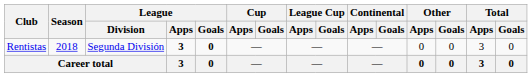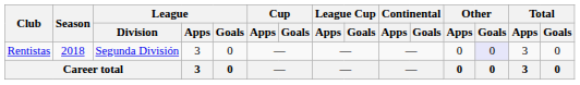 <table class="wikitable" style="text-align:center">
 <tr>
 <th rowspan="2">Club</th>
 <th rowspan="2">Season</th>
 <th colspan="3">League</th>
 <th colspan="2">Cup</th>
 <th colspan="2">League Cup</th>
 <th colspan="2">Continental</th>
 <th colspan="2">Other</th>
 <th colspan="2">Total</th>
 </tr>
 <tr>
 <th>Division</th>
 <th>Apps</th>
 <th>Goals</th>
 <th>Apps</th>
 <th>Goals</th>
 <th>Apps</th>
 <th>Goals</th>
 <th>Apps</th>
 <th>Goals</th>
 <th>Apps</th>
 <th>Goals</th>
 <th>Apps</th>
 <th>Goals</th>
 </tr>
 <tr>
 <td rowspan="1"><a href='#'>Rentistas</a></td>
 <td><a href='#'>2018</a></td>
 <td rowspan="1"><a href='#'>Segunda División</a></td>
-<td><strong>3</strong></td>
-<td><strong>0</strong></td>
+<td>3</td>
+<td>0</td>
 <td colspan="2">—</td>
 <td colspan="2">—</td>
 <td colspan="2">—</td>
 <td>0</td>
-<td>0</td>
+<td style="background: lavender;">0</td>
 <td>3</td>
 <td>0</td>
 </tr>
 <tr>
 <th colspan="3">Career total</th>
 <th>3</th>
 <th>0</th>
 <th colspan="2">—</th>
 <th colspan="2">—</th>
 <th colspan="2">—</th>
 <th>0</th>
 <th>0</th>
 <th>3</th>
 <th>0</th>
 </tr>
 </table>
